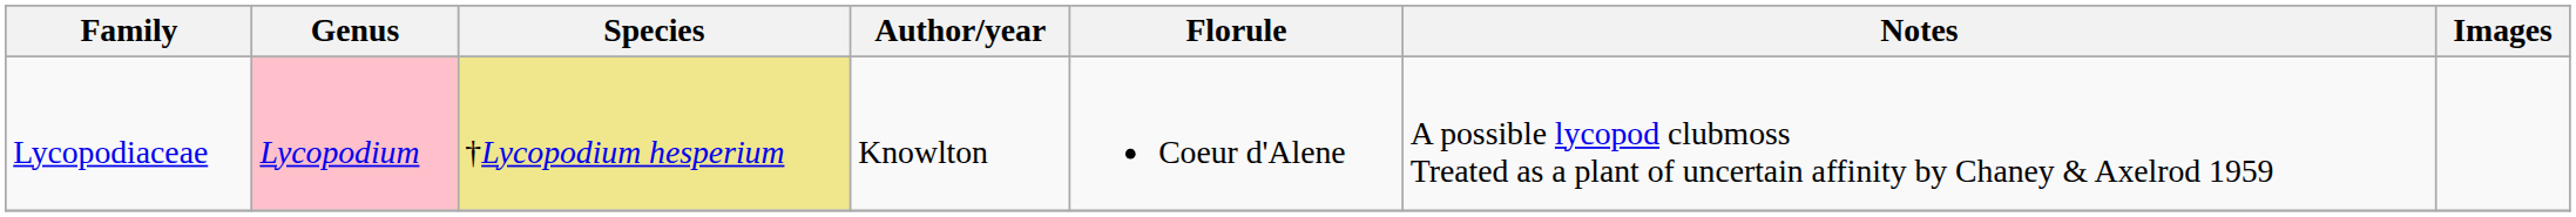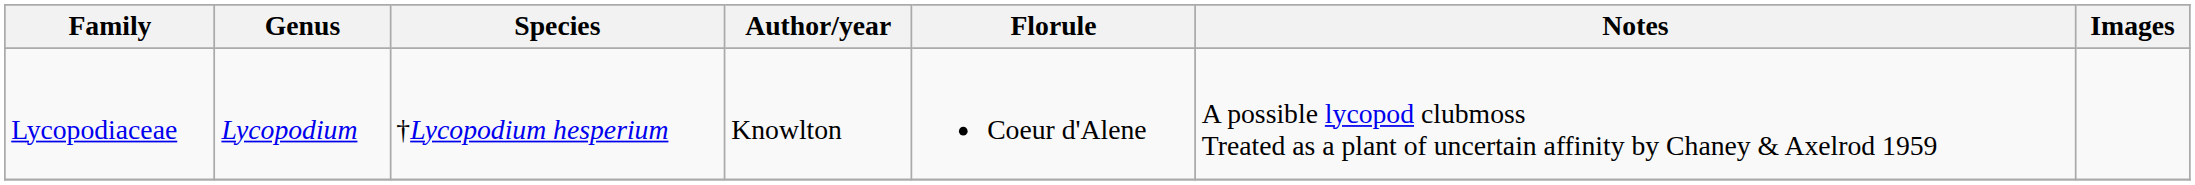 <table class="wikitable sortable mw-collapsible" style="margin:auto; width:100%">
 <tr>
 <th>Family</th>
 <th>Genus</th>
 <th>Species</th>
 <th>Author/year</th>
 <th>Florule</th>
 <th>Notes</th>
 <th>Images</th>
 </tr>
 <tr>
 <td><br><a href='#'>Lycopodiaceae</a></td>
-<td style="background: pink;"><br><em><a href='#'>Lycopodium</a></em></td>
-<td style="background: khaki;"><br>†<em><a href='#'>Lycopodium hesperium</a></em></td>
+<td><br><em><a href='#'>Lycopodium</a></em></td>
+<td><br>†<em><a href='#'>Lycopodium hesperium</a></em></td>
 <td><br>Knowlton</td>
 <td><br><ul><li>Coeur d'Alene</li></ul></td>
 <td><br>A possible <a href='#'>lycopod</a> clubmoss<br> Treated as a plant of uncertain affinity by Chaney & Axelrod 1959</td>
 <td><br></td>
 </tr>
 <tr>
 </tr>
 </table>
